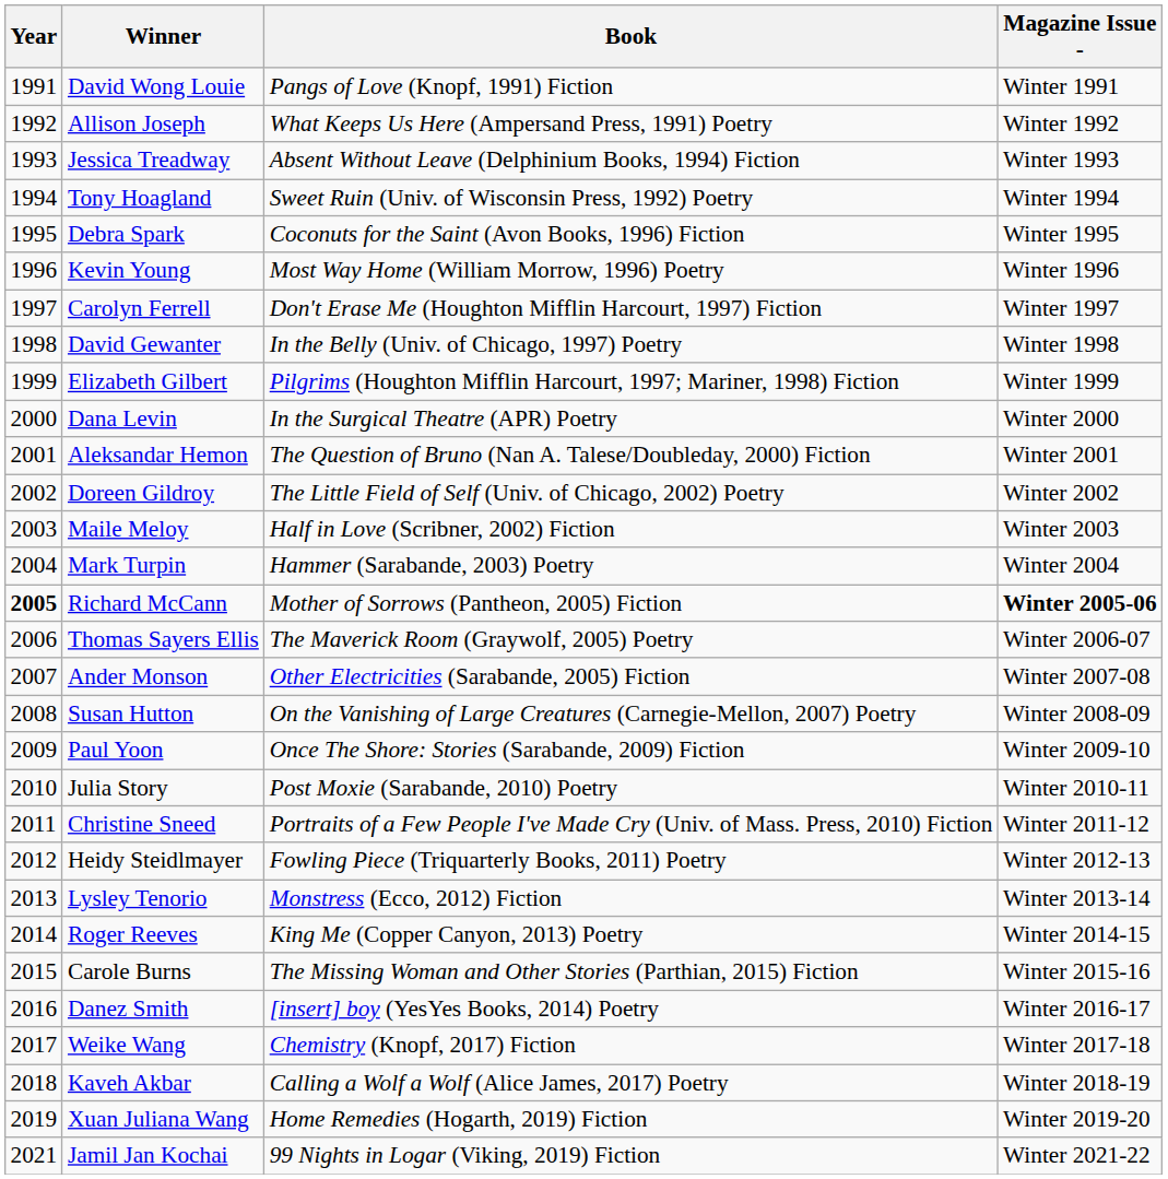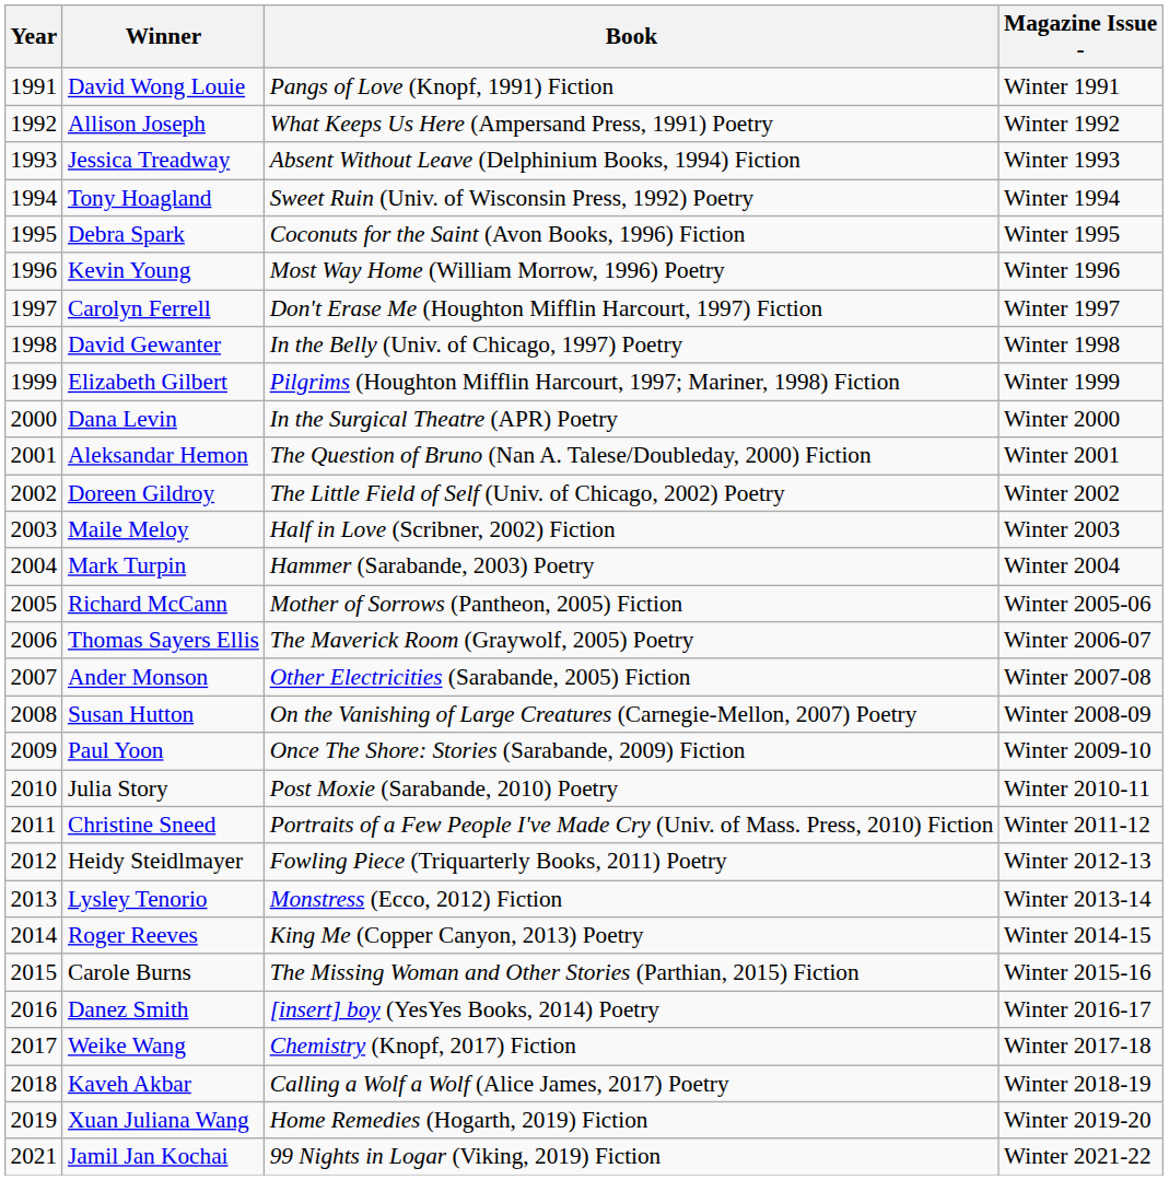 <table class="wikitable">
 <tr>
 <th>Year</th>
 <th>Winner</th>
 <th>Book</th>
 <th>Magazine Issue<br>-</th>
 </tr>
 <tr>
 <td>1991</td>
 <td><a href='#'>David Wong Louie</a></td>
 <td><em>Pangs of Love</em> (Knopf, 1991) Fiction</td>
 <td>Winter 1991</td>
 </tr>
 <tr>
 <td>1992</td>
 <td><a href='#'>Allison Joseph</a></td>
 <td><em>What Keeps Us Here</em> (Ampersand Press, 1991) Poetry</td>
 <td>Winter 1992</td>
 </tr>
 <tr>
 <td>1993</td>
 <td><a href='#'>Jessica Treadway</a></td>
 <td><em>Absent Without Leave</em> (Delphinium Books, 1994) Fiction</td>
 <td>Winter 1993</td>
 </tr>
 <tr>
 <td>1994</td>
 <td><a href='#'>Tony Hoagland</a></td>
 <td><em>Sweet Ruin</em> (Univ. of Wisconsin Press, 1992) Poetry</td>
 <td>Winter 1994</td>
 </tr>
 <tr>
 <td>1995</td>
 <td><a href='#'>Debra Spark</a></td>
 <td><em>Coconuts for the Saint</em> (Avon Books, 1996) Fiction</td>
 <td>Winter 1995</td>
 </tr>
 <tr>
 <td>1996</td>
 <td><a href='#'>Kevin Young</a></td>
 <td><em>Most Way Home</em> (William Morrow, 1996) Poetry</td>
 <td>Winter 1996</td>
 </tr>
 <tr>
 <td>1997</td>
 <td><a href='#'>Carolyn Ferrell</a></td>
 <td><em>Don't Erase Me</em> (Houghton Mifflin Harcourt, 1997) Fiction</td>
 <td>Winter 1997</td>
 </tr>
 <tr>
 <td>1998</td>
 <td><a href='#'>David Gewanter</a></td>
 <td><em>In the Belly</em> (Univ. of Chicago, 1997) Poetry</td>
 <td>Winter 1998</td>
 </tr>
 <tr>
 <td>1999</td>
 <td><a href='#'>Elizabeth Gilbert</a></td>
 <td><em><a href='#'>Pilgrims</a></em> (Houghton Mifflin Harcourt, 1997; Mariner, 1998) Fiction</td>
 <td>Winter 1999</td>
 </tr>
 <tr>
 <td>2000</td>
 <td><a href='#'>Dana Levin</a></td>
 <td><em>In the Surgical Theatre</em> (APR) Poetry</td>
 <td>Winter 2000</td>
 </tr>
 <tr>
 <td>2001</td>
 <td><a href='#'>Aleksandar Hemon</a></td>
 <td><em>The Question of Bruno</em> (Nan A. Talese/Doubleday, 2000) Fiction</td>
 <td>Winter 2001</td>
 </tr>
 <tr>
 <td>2002</td>
 <td><a href='#'>Doreen Gildroy</a></td>
 <td><em>The Little Field of Self </em> (Univ. of Chicago, 2002) Poetry</td>
 <td>Winter 2002</td>
 </tr>
 <tr>
 <td>2003</td>
 <td><a href='#'>Maile Meloy</a></td>
 <td><em>Half in Love</em> (Scribner, 2002) Fiction</td>
 <td>Winter 2003</td>
 </tr>
 <tr>
 <td>2004</td>
 <td><a href='#'>Mark Turpin</a></td>
 <td><em>Hammer</em> (Sarabande, 2003) Poetry</td>
 <td>Winter 2004</td>
 </tr>
 <tr>
-<td><strong>2005</strong></td>
+<td>2005</td>
 <td><a href='#'>Richard McCann</a></td>
 <td><em>Mother of Sorrows</em> (Pantheon, 2005) Fiction</td>
-<td><strong>Winter 2005-06</strong></td>
+<td>Winter 2005-06</td>
 </tr>
 <tr>
 <td>2006</td>
 <td><a href='#'>Thomas Sayers Ellis</a></td>
 <td><em>The Maverick Room</em> (Graywolf, 2005) Poetry</td>
 <td>Winter 2006-07</td>
 </tr>
 <tr>
 <td>2007</td>
 <td><a href='#'>Ander Monson</a></td>
 <td><em><a href='#'>Other Electricities</a></em> (Sarabande, 2005) Fiction</td>
 <td>Winter 2007-08</td>
 </tr>
 <tr>
 <td>2008</td>
 <td><a href='#'>Susan Hutton</a></td>
 <td><em>On the Vanishing of Large Creatures</em> (Carnegie-Mellon, 2007) Poetry</td>
 <td>Winter 2008-09</td>
 </tr>
 <tr>
 <td>2009</td>
 <td><a href='#'>Paul Yoon</a></td>
 <td><em>Once The Shore: Stories</em> (Sarabande, 2009) Fiction</td>
 <td>Winter 2009-10</td>
 </tr>
 <tr>
 <td>2010</td>
 <td>Julia Story</td>
 <td><em>Post Moxie</em> (Sarabande, 2010) Poetry</td>
 <td>Winter 2010-11</td>
 </tr>
 <tr>
 <td>2011</td>
 <td><a href='#'>Christine Sneed</a></td>
 <td><em>Portraits of a Few People I've Made Cry</em> (Univ. of Mass. Press, 2010) Fiction</td>
 <td>Winter 2011-12</td>
 </tr>
 <tr>
 <td>2012</td>
 <td>Heidy Steidlmayer</td>
 <td><em>Fowling Piece</em> (Triquarterly Books, 2011) Poetry</td>
 <td>Winter 2012-13</td>
 </tr>
 <tr>
 <td>2013</td>
 <td><a href='#'>Lysley Tenorio</a></td>
 <td><em><a href='#'>Monstress</a></em> (Ecco, 2012) Fiction</td>
 <td>Winter 2013-14</td>
 </tr>
 <tr>
 <td>2014</td>
 <td><a href='#'>Roger Reeves</a></td>
 <td><em>King Me</em> (Copper Canyon, 2013) Poetry</td>
 <td>Winter 2014-15</td>
 </tr>
 <tr>
 <td>2015</td>
 <td>Carole Burns</td>
 <td><em>The Missing Woman and Other Stories</em> (Parthian, 2015) Fiction</td>
 <td>Winter 2015-16</td>
 </tr>
 <tr>
 <td>2016</td>
 <td><a href='#'>Danez Smith</a></td>
 <td><a href='#'><em>[insert] boy</em></a> (YesYes Books, 2014) Poetry</td>
 <td>Winter 2016-17</td>
 </tr>
 <tr>
 <td>2017</td>
 <td><a href='#'>Weike Wang</a></td>
 <td><em><a href='#'>Chemistry</a></em> (Knopf, 2017) Fiction</td>
 <td>Winter 2017-18</td>
 </tr>
 <tr>
 <td>2018</td>
 <td><a href='#'>Kaveh Akbar</a></td>
 <td><em>Calling a Wolf a Wolf</em> (Alice James, 2017) Poetry</td>
 <td>Winter 2018-19</td>
 </tr>
 <tr>
 <td>2019</td>
 <td><a href='#'>Xuan Juliana Wang</a></td>
 <td><em>Home Remedies</em> (Hogarth, 2019) Fiction</td>
 <td>Winter 2019-20</td>
 </tr>
 <tr>
 <td>2021</td>
 <td><a href='#'>Jamil Jan Kochai</a></td>
 <td><em>99 Nights in Logar</em> (Viking, 2019) Fiction</td>
 <td>Winter 2021-22</td>
 </tr>
 <tr>
 </tr>
 </table>
